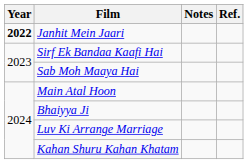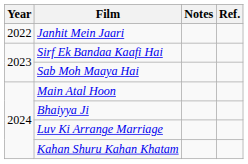 <table class="wikitable sortable">
 <tr style="background:#ccc; text-align:center;">
 <th>Year</th>
 <th>Film</th>
 <th>Notes</th>
 <th>Ref.</th>
 </tr>
 <tr>
-<td><strong>2022</strong></td>
+<td>2022</td>
 <td><em><a href='#'>Janhit Mein Jaari</a></em></td>
 <td></td>
 <td></td>
 </tr>
 <tr>
 <td rowspan="2">2023</td>
 <td><em><a href='#'>Sirf Ek Bandaa Kaafi Hai</a></em></td>
 <td></td>
 <td></td>
 </tr>
 <tr>
 <td><em><a href='#'>Sab Moh Maaya Hai</a></em></td>
 <td></td>
 <td></td>
 </tr>
 <tr>
 <td rowspan="4">2024</td>
 <td><em><a href='#'>Main Atal Hoon</a></em></td>
 <td></td>
 <td></td>
 </tr>
 <tr>
 <td><em><a href='#'>Bhaiyya Ji</a></em></td>
 <td></td>
 <td></td>
 </tr>
 <tr>
 <td><em><a href='#'>Luv Ki Arrange Marriage</a></em></td>
 <td></td>
 <td></td>
 </tr>
 <tr>
 <td><em><a href='#'>Kahan Shuru Kahan Khatam</a></em></td>
 <td></td>
 <td></td>
 </tr>
 </table>
